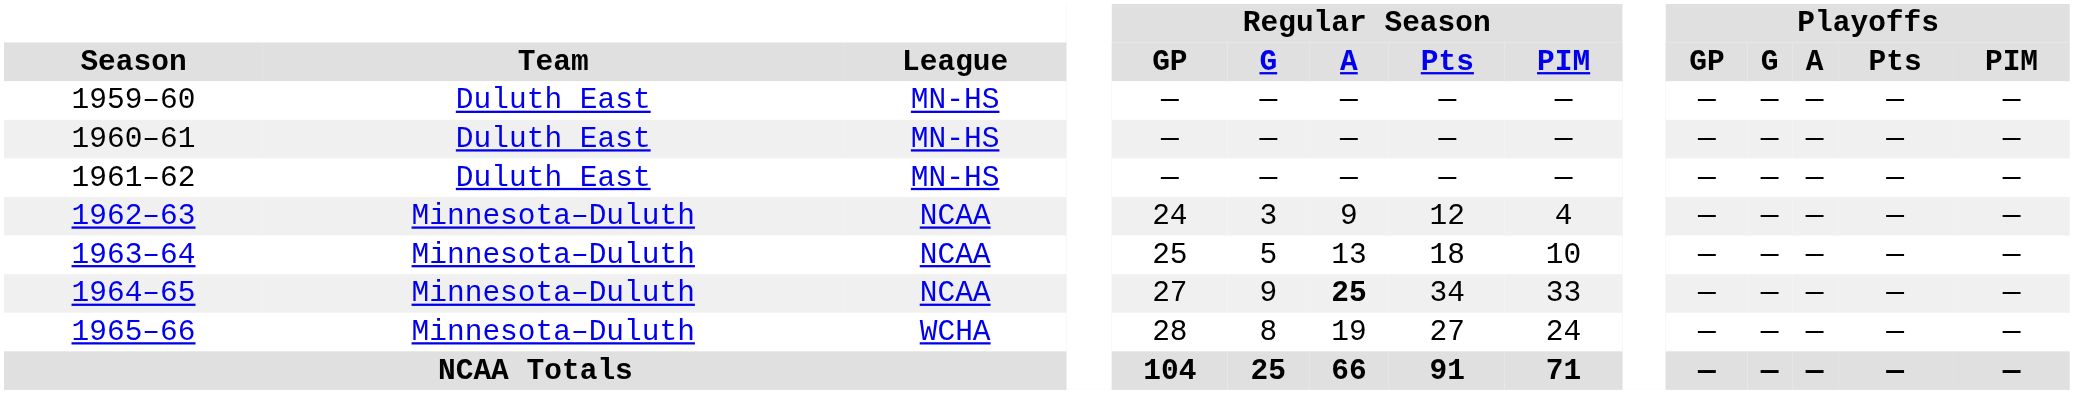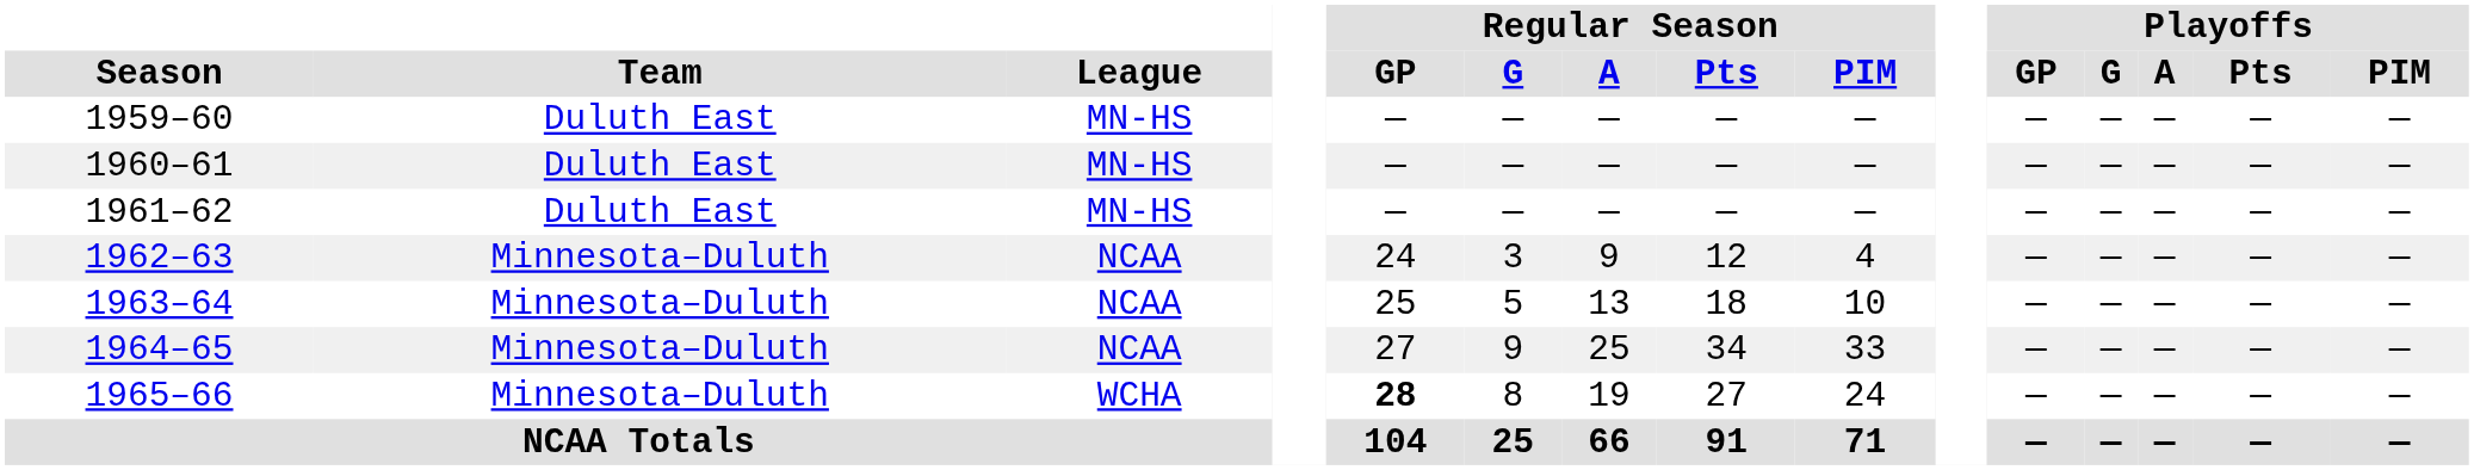 <table border="0" cellpadding="1" cellspacing="0" style="text-align:center; width:70em">
 <tr bgcolor="#e0e0e0">
 <th colspan="3"  bgcolor="#ffffff"> </th>
 <th rowspan="99" bgcolor="#ffffff"> </th>
 <th colspan="5">Regular Season</th>
 <th rowspan="99" bgcolor="#ffffff"> </th>
 <th colspan="5">Playoffs</th>
 </tr>
 <tr bgcolor="#e0e0e0">
 <th>Season</th>
 <th>Team</th>
 <th>League</th>
 <th>GP</th>
 <th><a href='#'>G</a></th>
 <th><a href='#'>A</a></th>
 <th><a href='#'>Pts</a></th>
 <th><a href='#'>PIM</a></th>
 <th>GP</th>
 <th>G</th>
 <th>A</th>
 <th>Pts</th>
 <th>PIM</th>
 </tr>
 <tr>
 <td>1959–60</td>
 <td><a href='#'>Duluth East</a></td>
 <td><a href='#'>MN-HS</a></td>
 <td>—</td>
 <td>—</td>
 <td>—</td>
 <td>—</td>
 <td>—</td>
 <td>—</td>
 <td>—</td>
 <td>—</td>
 <td>—</td>
 <td>—</td>
 </tr>
 <tr bgcolor=f0f0f0>
 <td>1960–61</td>
 <td><a href='#'>Duluth East</a></td>
 <td><a href='#'>MN-HS</a></td>
 <td>—</td>
 <td>—</td>
 <td>—</td>
 <td>—</td>
 <td>—</td>
 <td>—</td>
 <td>—</td>
 <td>—</td>
 <td>—</td>
 <td>—</td>
 </tr>
 <tr>
 <td>1961–62</td>
 <td><a href='#'>Duluth East</a></td>
 <td><a href='#'>MN-HS</a></td>
 <td>—</td>
 <td>—</td>
 <td>—</td>
 <td>—</td>
 <td>—</td>
 <td>—</td>
 <td>—</td>
 <td>—</td>
 <td>—</td>
 <td>—</td>
 </tr>
 <tr bgcolor=f0f0f0>
 <td><a href='#'>1962–63</a></td>
 <td><a href='#'>Minnesota–Duluth</a></td>
 <td><a href='#'>NCAA</a></td>
 <td>24</td>
 <td>3</td>
 <td>9</td>
 <td>12</td>
 <td>4</td>
 <td>—</td>
 <td>—</td>
 <td>—</td>
 <td>—</td>
 <td>—</td>
 </tr>
 <tr>
 <td><a href='#'>1963–64</a></td>
 <td><a href='#'>Minnesota–Duluth</a></td>
 <td><a href='#'>NCAA</a></td>
 <td>25</td>
 <td>5</td>
 <td>13</td>
 <td>18</td>
 <td>10</td>
 <td>—</td>
 <td>—</td>
 <td>—</td>
 <td>—</td>
 <td>—</td>
 </tr>
 <tr bgcolor=f0f0f0>
 <td><a href='#'>1964–65</a></td>
 <td><a href='#'>Minnesota–Duluth</a></td>
 <td><a href='#'>NCAA</a></td>
 <td>27</td>
 <td>9</td>
-<td><strong>25</strong></td>
+<td>25</td>
 <td>34</td>
 <td>33</td>
 <td>—</td>
 <td>—</td>
 <td>—</td>
 <td>—</td>
 <td>—</td>
 </tr>
 <tr>
 <td><a href='#'>1965–66</a></td>
 <td><a href='#'>Minnesota–Duluth</a></td>
 <td><a href='#'>WCHA</a></td>
-<td>28</td>
+<td><strong>28</strong></td>
 <td>8</td>
 <td>19</td>
 <td>27</td>
 <td>24</td>
 <td>—</td>
 <td>—</td>
 <td>—</td>
 <td>—</td>
 <td>—</td>
 </tr>
 <tr bgcolor="#e0e0e0">
 <th colspan="3">NCAA Totals</th>
 <th>104</th>
 <th>25</th>
 <th>66</th>
 <th>91</th>
 <th>71</th>
 <th>—</th>
 <th>—</th>
 <th>—</th>
 <th>—</th>
 <th>—</th>
 </tr>
 </table>
